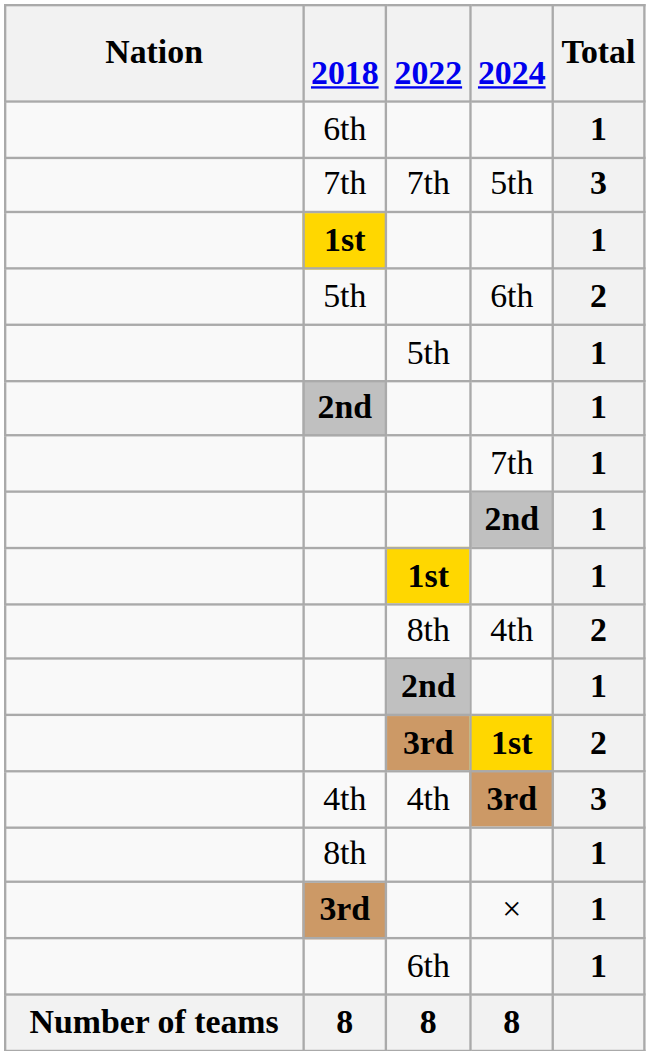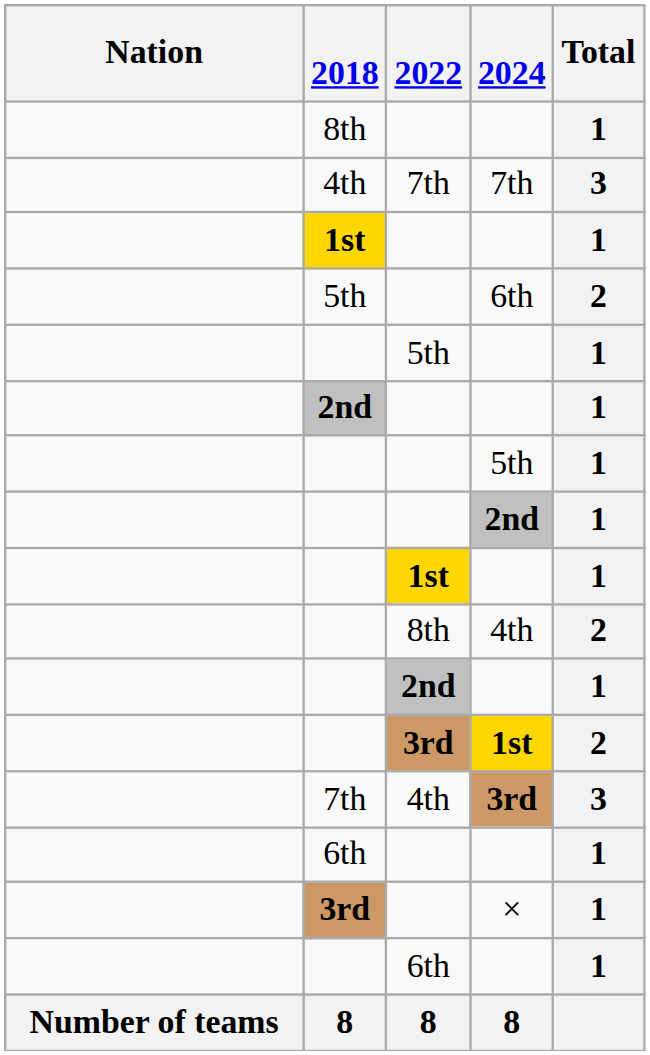 <table class="wikitable" style="text-align:center; font-size:90%">
 <tr>
 <th width=120px>Nation</th>
 <th><br><a href='#'>2018</a></th>
 <th><br><a href='#'>2022</a></th>
 <th><br><a href='#'>2024</a></th>
 <th>Total</th>
 </tr>
 <tr>
 <td align=left></td>
-<td>6th</td>
+<td>8th</td>
 <td></td>
 <td></td>
 <th>1</th>
 </tr>
 <tr>
 <td align=left></td>
+<td>4th</td>
 <td>7th</td>
 <td>7th</td>
-<td>5th</td>
 <th>3</th>
 </tr>
 <tr>
 <td align=left></td>
 <td bgcolor=gold><strong>1st</strong></td>
 <td></td>
 <td></td>
 <th>1</th>
 </tr>
 <tr>
 <td align=left></td>
 <td>5th</td>
 <td></td>
 <td>6th</td>
 <th>2</th>
 </tr>
 <tr>
 <td align=left></td>
 <td></td>
 <td>5th</td>
 <td></td>
 <th>1</th>
 </tr>
 <tr>
 <td align=left></td>
 <td bgcolor=silver><strong>2nd</strong></td>
 <td></td>
 <td></td>
 <th>1</th>
 </tr>
 <tr>
 <td align=left></td>
 <td></td>
 <td></td>
-<td>7th</td>
+<td>5th</td>
 <th>1</th>
 </tr>
 <tr>
 <td align=left></td>
 <td></td>
 <td></td>
 <td bgcolor=silver><strong>2nd</strong></td>
 <th>1</th>
 </tr>
 <tr>
 <td align=left></td>
 <td></td>
 <td bgcolor=gold><strong>1st</strong></td>
 <td></td>
 <th>1</th>
 </tr>
 <tr>
 <td align=left></td>
 <td></td>
 <td>8th</td>
 <td>4th</td>
 <th>2</th>
 </tr>
 <tr>
 <td align=left></td>
 <td></td>
 <td bgcolor=silver><strong>2nd</strong></td>
 <td></td>
 <th>1</th>
 </tr>
 <tr>
 <td align=left></td>
 <td></td>
 <td bgcolor=#cc9966><strong>3rd</strong></td>
 <td bgcolor=gold><strong>1st</strong></td>
 <th>2</th>
 </tr>
 <tr>
 <td align=left></td>
-<td>4th</td>
+<td>7th</td>
 <td>4th</td>
 <td bgcolor=#cc9966><strong>3rd</strong></td>
 <th>3</th>
 </tr>
 <tr>
 <td align=left></td>
-<td>8th</td>
+<td>6th</td>
 <td></td>
 <td></td>
 <th>1</th>
 </tr>
 <tr>
 <td align=left></td>
 <td bgcolor=#cc9966><strong>3rd</strong></td>
 <td></td>
 <td>×</td>
 <th>1</th>
 </tr>
 <tr>
 <td align=left></td>
 <td></td>
 <td>6th</td>
 <td></td>
 <th>1</th>
 </tr>
 <tr>
 <th>Number of teams</th>
 <th>8</th>
 <th>8</th>
 <th>8</th>
 <th></th>
 </tr>
 </table>
